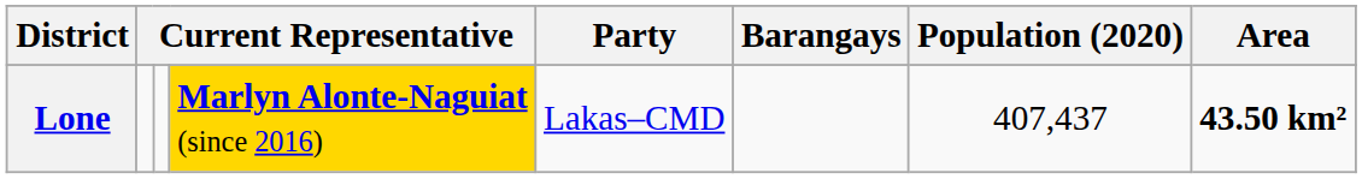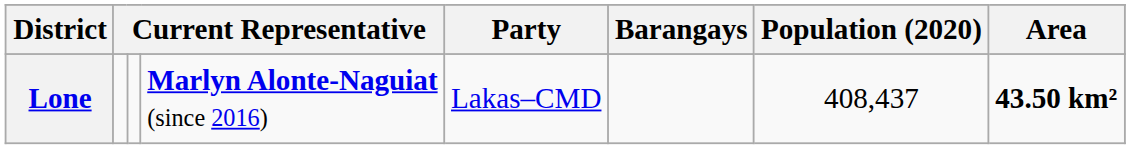 <table class="wikitable sortable" style="margin: 1em auto; font-size:100%; line-height:20px; text-align:center">
 <tr>
 <th>District</th>
 <th colspan="3">Current Representative</th>
 <th>Party</th>
 <th>Barangays</th>
 <th>Population (2020)</th>
 <th>Area</th>
 </tr>
 <tr>
 <th><a href='#'>Lone</a></th>
 <td style="background:"></td>
 <td></td>
-<td style="background: gold; text-align:left;"><strong><a href='#'>Marlyn Alonte-Naguiat</a></strong><br><small>(since <a href='#'>2016</a>)</small></td>
+<td style="text-align:left;"><strong><a href='#'>Marlyn Alonte-Naguiat</a></strong><br><small>(since <a href='#'>2016</a>)</small></td>
 <td><a href='#'>Lakas–CMD</a></td>
 <td></td>
-<td>407,437</td>
+<td>408,437</td>
 <td><strong>43.50 km²</strong></td>
 </tr>
 </table>
